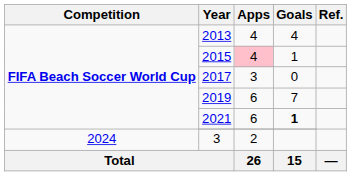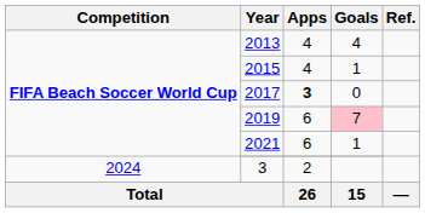 <table class="wikitable" style="text-align:center;">
 <tr>
 <th>Competition</th>
 <th>Year</th>
 <th>Apps</th>
 <th>Goals</th>
 <th>Ref.</th>
 </tr>
 <tr>
 <td rowspan="6" width=230><strong><a href='#'>FIFA Beach Soccer World Cup</a></strong></td>
 <td> <a href='#'>2013</a></td>
 <td>4</td>
 <td>4</td>
 <td></td>
 </tr>
 <tr>
 <td> <a href='#'>2015</a></td>
-<td style="background: pink;">4</td>
+<td>4</td>
 <td>1</td>
 <td></td>
 </tr>
 <tr>
 <td> <a href='#'>2017</a></td>
-<td>3</td>
+<td><strong>3</strong></td>
 <td>0</td>
 <td></td>
 </tr>
 <tr>
 <td> <a href='#'>2019</a></td>
 <td>6</td>
-<td>7</td>
+<td style="background: pink;">7</td>
 <td></td>
 </tr>
 <tr>
 <td> <a href='#'>2021</a></td>
 <td>6</td>
-<td><strong>1</strong></td>
+<td>1</td>
 <td></td>
 </tr>
 <tr>
 </tr>
 <tr>
 <td> <a href='#'>2024</a></td>
 <td>3</td>
 <td>2</td>
 <td></td>
 </tr>
 <tr>
 <th colspan=2>Total</th>
 <th>26</th>
 <th>15</th>
 <th>—</th>
 </tr>
 </table>
